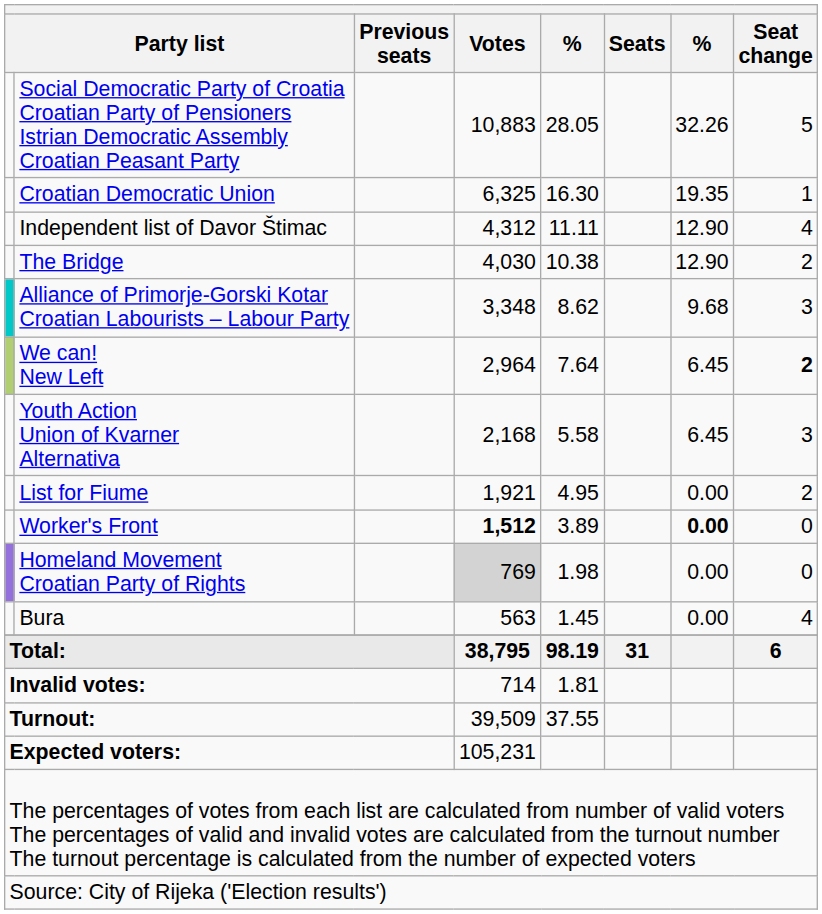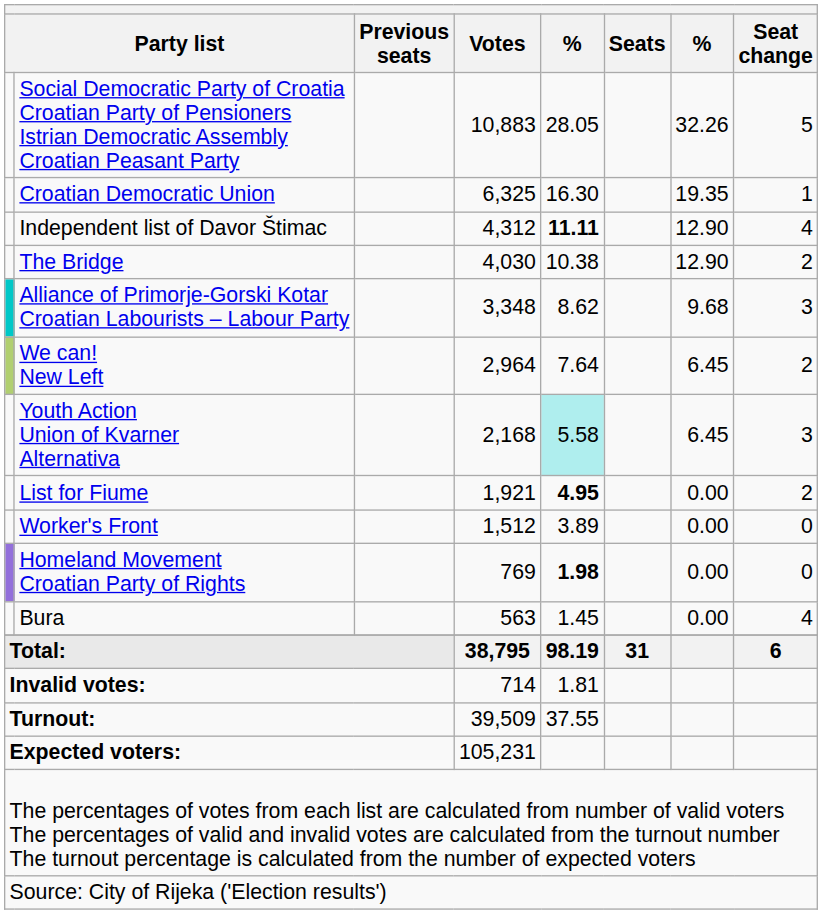 <table class="wikitable">
 <tr>
 <th colspan=8></th>
 </tr>
 <tr>
 <th colspan="2">Party list</th>
 <th>Previous<br>seats</th>
 <th>Votes</th>
 <th>%</th>
 <th>Seats</th>
 <th>%</th>
 <th>Seat<br>change</th>
 </tr>
 <tr>
 <td style="color:inherit;background:"></td>
 <td align="left"><a href='#'>Social Democratic Party of Croatia</a> <br><a href='#'>Croatian Party of Pensioners</a> <br><a href='#'>Istrian Democratic Assembly</a> <br><a href='#'>Croatian Peasant Party</a></td>
 <td align="left"></td>
 <td align="right">10,883</td>
 <td align="right">28.05</td>
 <td align="left"></td>
 <td align="right">32.26</td>
 <td align="right"> 5</td>
 </tr>
 <tr>
 <td style="color:inherit;background:"></td>
 <td align="left"><a href='#'>Croatian Democratic Union</a></td>
 <td align="left"></td>
 <td align="right">6,325</td>
 <td align="right">16.30</td>
 <td align="left"></td>
 <td align="right">19.35</td>
 <td align="right"> 1</td>
 </tr>
 <tr>
 <td style="color:inherit;background:"></td>
 <td>Independent list of Davor Štimac</td>
 <td align="left"></td>
 <td align="right">4,312</td>
-<td align="right">11.11</td>
+<td align="right"><strong>11.11</strong></td>
 <td align="left"></td>
 <td align="right">12.90</td>
 <td align="right"> 4</td>
 </tr>
 <tr>
 <td style="color:inherit;background:"></td>
 <td align="left"><a href='#'>The Bridge</a></td>
 <td align="left"></td>
 <td align="right">4,030</td>
 <td align="right">10.38</td>
 <td align="left"></td>
 <td align="right">12.90</td>
 <td align="right"> 2</td>
 </tr>
 <tr>
 <td style="color:inherit;background:#00c8c8"></td>
 <td><a href='#'>Alliance of Primorje-Gorski Kotar</a> <br> <a href='#'>Croatian Labourists – Labour Party</a></td>
 <td align="left"></td>
 <td align="right">3,348</td>
 <td align="right">8.62</td>
 <td align="left"></td>
 <td align="right">9.68</td>
 <td align="right"> 3</td>
 </tr>
 <tr>
 <td style="color:inherit;background:#B1CF70"></td>
 <td align="left"><a href='#'>We can!</a> <br> <a href='#'>New Left</a></td>
 <td align="left"></td>
 <td align="right">2,964</td>
 <td align="right">7.64</td>
 <td align="left"></td>
 <td align="right">6.45</td>
-<td align="right"><strong> 2</strong></td>
+<td align="right"> 2</td>
 </tr>
 <tr>
 <td style="color:inherit;background:"></td>
 <td align="left"><a href='#'>Youth Action</a> <br><a href='#'>Union of Kvarner</a><br><a href='#'>Alternativa</a></td>
 <td align="left"></td>
 <td align="right">2,168</td>
-<td align="right">5.58</td>
+<td align="right" style="background: paleturquoise;">5.58</td>
 <td align="left"></td>
 <td align="right">6.45</td>
 <td align="right"> 3</td>
 </tr>
 <tr>
 <td style="color:inherit;background:"></td>
 <td align="left"><a href='#'>List for Fiume</a></td>
 <td align="left"></td>
 <td align="right">1,921</td>
-<td align="right">4.95</td>
+<td align="right"><strong>4.95</strong></td>
 <td align="left"></td>
 <td align="right">0.00</td>
 <td align="right"> 2</td>
 </tr>
 <tr>
 <td style="color:inherit;background:"></td>
 <td><a href='#'>Worker's Front</a></td>
 <td align="left"></td>
-<td align="right"><strong>1,512</strong></td>
+<td align="right">1,512</td>
 <td align="right">3.89</td>
 <td align="left"></td>
-<td align="right"><strong>0.00</strong></td>
+<td align="right">0.00</td>
 <td align="right"> 0</td>
 </tr>
 <tr>
 <td style="color:inherit;background:#9370db"></td>
 <td align="left"><a href='#'>Homeland Movement</a> <br> <a href='#'>Croatian Party of Rights</a></td>
 <td align="left"></td>
-<td align="right" style="background: lightgrey;">769</td>
-<td align="right">1.98</td>
+<td align="right">769</td>
+<td align="right"><strong>1.98</strong></td>
 <td align="left"></td>
 <td align="right">0.00</td>
 <td align="right"> 0</td>
 </tr>
 <tr>
 <td style="color:inherit;background:"></td>
 <td align="left">Bura</td>
 <td align="left"></td>
 <td align="right">563</td>
 <td align="right">1.45</td>
 <td align="left"></td>
 <td align="right">0.00</td>
 <td align="right"> 4</td>
 </tr>
 <tr>
 </tr>
 <tr style="background-color:#E9E9E9">
 <td colspan="3" align="left"><strong>Total:</strong></td>
 <th align="right">38,795</th>
 <th align="right">98.19</th>
 <th align="right">31</th>
 <th align="right"></th>
 <th align="right"> 6</th>
 </tr>
 <tr>
 <td colspan="3" align="left"><strong>Invalid votes:</strong></td>
 <td align="right">714</td>
 <td align="right">1.81</td>
 <td align="right"></td>
 <td align="right"></td>
 <td align="right"></td>
 </tr>
 <tr>
 <td colspan="3" align="left"><strong>Turnout:</strong></td>
 <td align="right">39,509</td>
 <td align="right">37.55</td>
 <td align="right"></td>
 <td align="right"></td>
 <td align="right"></td>
 </tr>
 <tr>
 <td colspan="3" align="left"><strong>Expected voters:</strong></td>
 <td align="right">105,231</td>
 <td align="right"></td>
 <td align="right"></td>
 <td align="right"></td>
 <td align="right"></td>
 </tr>
 <tr>
 <td align=left colspan=8><br>The percentages of votes from each list are calculated from number of valid voters<br> The percentages of valid and invalid votes are calculated from the turnout number<br> The turnout percentage is calculated from the number of expected voters</td>
 </tr>
 <tr>
 <td align=left colspan=8>Source: City of Rijeka ('Election results') </td>
 </tr>
 </table>
